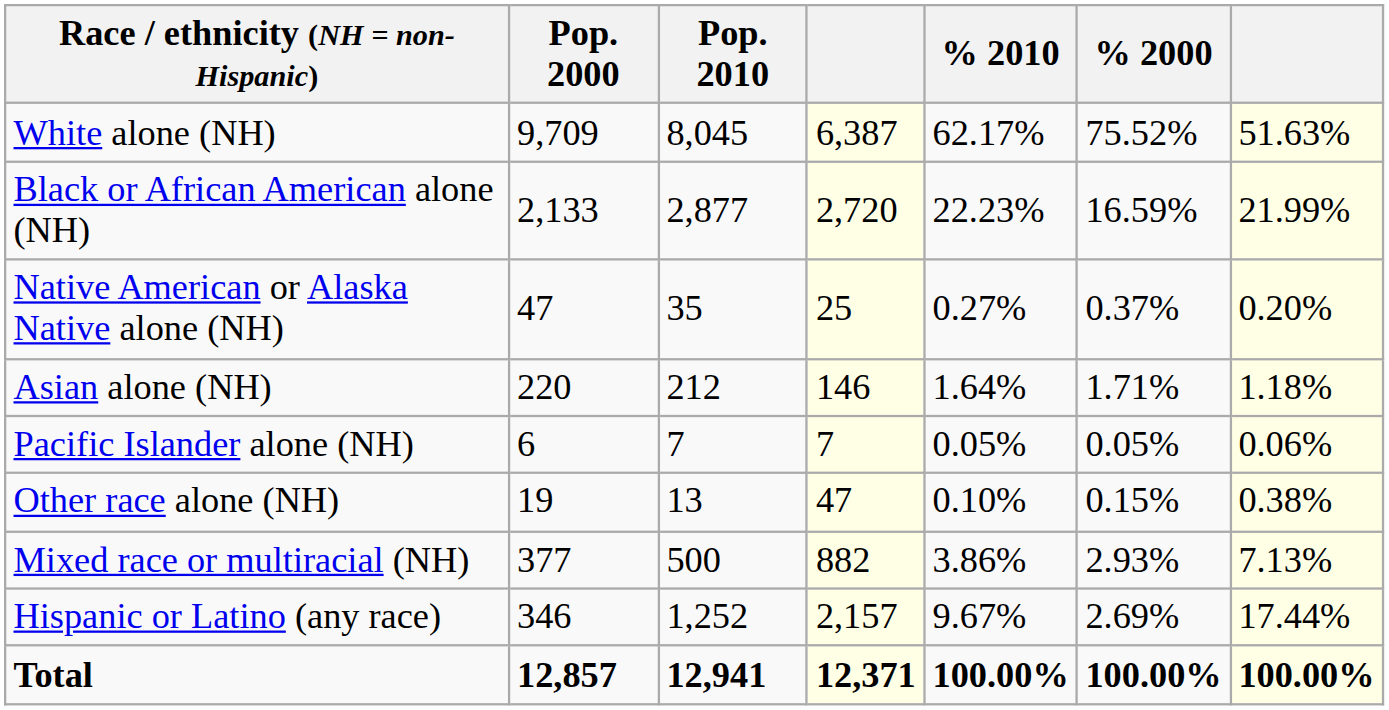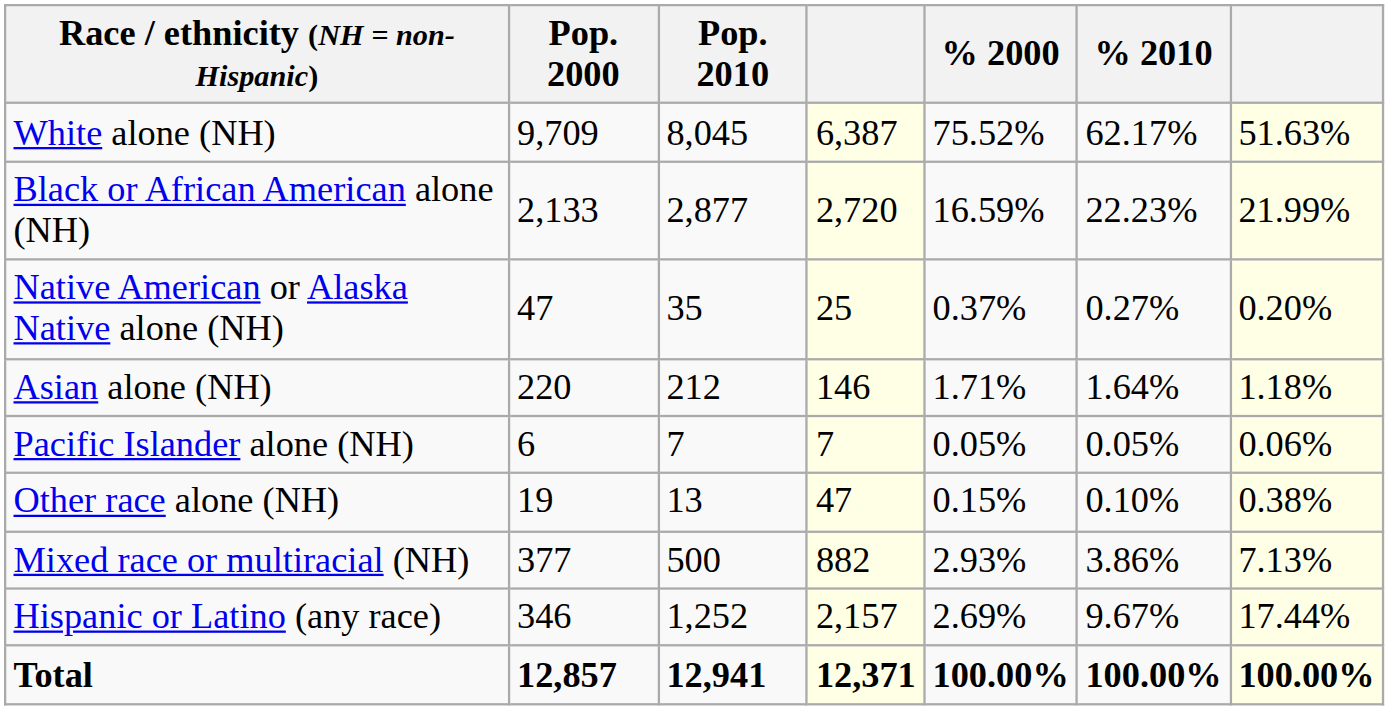 <table class="wikitable">
 <tr>
 <th>Race / ethnicity <small>(<em>NH = non-Hispanic</em>)</small></th>
 <th>Pop. 2000</th>
 <th>Pop. 2010</th>
 <th></th>
+<th>% 2000</th>
 <th>% 2010</th>
-<th>% 2000</th>
 <th></th>
 </tr>
 <tr>
 <td><a href='#'>White</a> alone (NH)</td>
 <td>9,709</td>
 <td>8,045</td>
 <td style='background: #ffffe6;'>6,387</td>
+<td>75.52%</td>
 <td>62.17%</td>
-<td>75.52%</td>
 <td style='background: #ffffe6;'>51.63%</td>
 </tr>
 <tr>
 <td><a href='#'>Black or African American</a> alone (NH)</td>
 <td>2,133</td>
 <td>2,877</td>
 <td style='background: #ffffe6;'>2,720</td>
+<td>16.59%</td>
 <td>22.23%</td>
-<td>16.59%</td>
 <td style='background: #ffffe6;'>21.99%</td>
 </tr>
 <tr>
 <td><a href='#'>Native American</a> or <a href='#'>Alaska Native</a> alone (NH)</td>
 <td>47</td>
 <td>35</td>
 <td style='background: #ffffe6;'>25</td>
+<td>0.37%</td>
 <td>0.27%</td>
-<td>0.37%</td>
 <td style='background: #ffffe6;'>0.20%</td>
 </tr>
 <tr>
 <td><a href='#'>Asian</a> alone (NH)</td>
 <td>220</td>
 <td>212</td>
 <td style='background: #ffffe6;'>146</td>
+<td>1.71%</td>
 <td>1.64%</td>
-<td>1.71%</td>
 <td style='background: #ffffe6;'>1.18%</td>
 </tr>
 <tr>
 <td><a href='#'>Pacific Islander</a> alone (NH)</td>
 <td>6</td>
 <td>7</td>
 <td style='background: #ffffe6;'>7</td>
 <td>0.05%</td>
 <td>0.05%</td>
 <td style='background: #ffffe6;'>0.06%</td>
 </tr>
 <tr>
 <td><a href='#'>Other race</a> alone (NH)</td>
 <td>19</td>
 <td>13</td>
 <td style='background: #ffffe6;'>47</td>
+<td>0.15%</td>
 <td>0.10%</td>
-<td>0.15%</td>
 <td style='background: #ffffe6;'>0.38%</td>
 </tr>
 <tr>
 <td><a href='#'>Mixed race or multiracial</a> (NH)</td>
 <td>377</td>
 <td>500</td>
 <td style='background: #ffffe6;'>882</td>
+<td>2.93%</td>
 <td>3.86%</td>
-<td>2.93%</td>
 <td style='background: #ffffe6;'>7.13%</td>
 </tr>
 <tr>
 <td><a href='#'>Hispanic or Latino</a> (any race)</td>
 <td>346</td>
 <td>1,252</td>
 <td style='background: #ffffe6;'>2,157</td>
+<td>2.69%</td>
 <td>9.67%</td>
-<td>2.69%</td>
 <td style='background: #ffffe6;'>17.44%</td>
 </tr>
 <tr>
 <td><strong>Total</strong></td>
 <td><strong>12,857</strong></td>
 <td><strong>12,941</strong></td>
 <td style='background: #ffffe6;'><strong>12,371</strong></td>
 <td><strong>100.00%</strong></td>
 <td><strong>100.00%</strong></td>
 <td style='background: #ffffe6;'><strong>100.00%</strong></td>
 </tr>
 </table>
